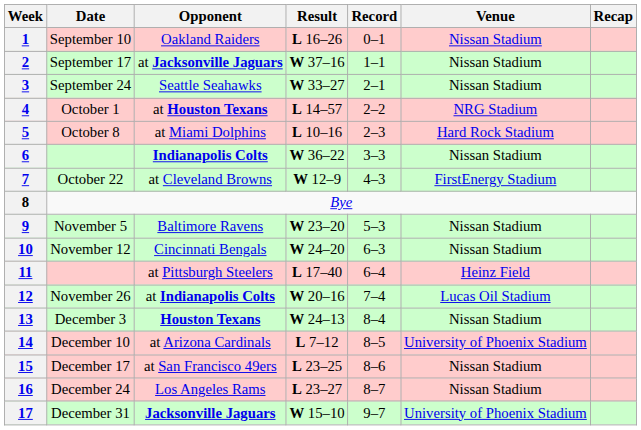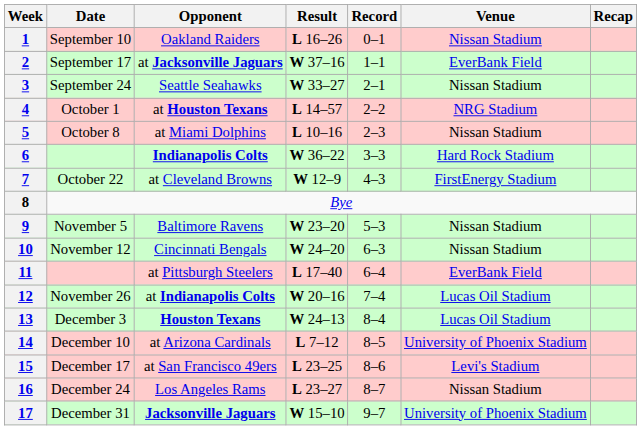 <table class="wikitable" style="text-align:center">
 <tr>
 <th>Week</th>
 <th>Date</th>
 <th>Opponent</th>
 <th>Result</th>
 <th>Record</th>
 <th>Venue</th>
 <th>Recap</th>
 </tr>
 <tr style="background:#fcc">
 <th><a href='#'>1</a></th>
 <td>September 10</td>
 <td><a href='#'>Oakland Raiders</a></td>
 <td><strong>L</strong> 16–26</td>
 <td>0–1</td>
 <td><a href='#'>Nissan Stadium</a></td>
 <td></td>
 </tr>
 <tr style="background:#cfc">
 <th><a href='#'>2</a></th>
 <td>September 17</td>
 <td>at <strong><a href='#'>Jacksonville Jaguars</a></strong></td>
 <td><strong>W</strong> 37–16</td>
 <td>1–1</td>
-<td>Nissan Stadium</td>
+<td><a href='#'>EverBank Field</a></td>
 <td></td>
 </tr>
 <tr style="background:#cfc">
 <th><a href='#'>3</a></th>
 <td>September 24</td>
 <td><a href='#'>Seattle Seahawks</a></td>
 <td><strong>W</strong> 33–27</td>
 <td>2–1</td>
 <td>Nissan Stadium</td>
 <td></td>
 </tr>
 <tr style="background:#fcc">
 <th><a href='#'>4</a></th>
 <td>October 1</td>
 <td>at <strong><a href='#'>Houston Texans</a></strong></td>
 <td><strong>L</strong> 14–57</td>
 <td>2–2</td>
 <td><a href='#'>NRG Stadium</a></td>
 <td></td>
 </tr>
 <tr style="background:#fcc">
 <th><a href='#'>5</a></th>
 <td>October 8</td>
 <td>at <a href='#'>Miami Dolphins</a></td>
 <td><strong>L</strong> 10–16</td>
 <td>2–3</td>
-<td><a href='#'>Hard Rock Stadium</a></td>
+<td>Nissan Stadium</td>
 <td></td>
 </tr>
 <tr style="background:#cfc">
 <th><a href='#'>6</a></th>
 <td></td>
 <td><strong><a href='#'>Indianapolis Colts</a></strong></td>
 <td><strong>W</strong> 36–22</td>
 <td>3–3</td>
-<td>Nissan Stadium</td>
+<td><a href='#'>Hard Rock Stadium</a></td>
 <td></td>
 </tr>
 <tr style="background:#cfc">
 <th><a href='#'>7</a></th>
 <td>October 22</td>
 <td>at <a href='#'>Cleveland Browns</a></td>
 <td><strong>W</strong> 12–9 </td>
 <td>4–3</td>
 <td><a href='#'>FirstEnergy Stadium</a></td>
 <td></td>
 </tr>
 <tr>
 <th>8</th>
 <td colspan="6"><em><a href='#'>Bye</a></em></td>
 </tr>
 <tr style="background:#cfc">
 <th><a href='#'>9</a></th>
 <td>November 5</td>
 <td><a href='#'>Baltimore Ravens</a></td>
 <td><strong>W</strong> 23–20</td>
 <td>5–3</td>
 <td>Nissan Stadium</td>
 <td></td>
 </tr>
 <tr style="background:#cfc">
 <th><a href='#'>10</a></th>
 <td>November 12</td>
 <td><a href='#'>Cincinnati Bengals</a></td>
 <td><strong>W</strong> 24–20</td>
 <td>6–3</td>
 <td>Nissan Stadium</td>
 <td></td>
 </tr>
 <tr style="background:#fcc">
 <th><a href='#'>11</a></th>
 <td></td>
 <td>at <a href='#'>Pittsburgh Steelers</a></td>
 <td><strong>L</strong> 17–40</td>
 <td>6–4</td>
-<td><a href='#'>Heinz Field</a></td>
+<td><a href='#'>EverBank Field</a></td>
 <td></td>
 </tr>
 <tr style="background:#cfc">
 <th><a href='#'>12</a></th>
 <td>November 26</td>
 <td>at <strong><a href='#'>Indianapolis Colts</a></strong></td>
 <td><strong>W</strong> 20–16</td>
 <td>7–4</td>
 <td><a href='#'>Lucas Oil Stadium</a></td>
 <td></td>
 </tr>
 <tr style="background:#cfc">
 <th><a href='#'>13</a></th>
 <td>December 3</td>
 <td><strong><a href='#'>Houston Texans</a></strong></td>
 <td><strong>W</strong> 24–13</td>
 <td>8–4</td>
-<td>Nissan Stadium</td>
+<td><a href='#'>Lucas Oil Stadium</a></td>
 <td></td>
 </tr>
 <tr style="background:#fcc">
 <th><a href='#'>14</a></th>
 <td>December 10</td>
 <td>at <a href='#'>Arizona Cardinals</a></td>
 <td><strong>L</strong> 7–12</td>
 <td>8–5</td>
 <td><a href='#'>University of Phoenix Stadium</a></td>
 <td></td>
 </tr>
 <tr style="background:#fcc">
 <th><a href='#'>15</a></th>
 <td>December 17</td>
 <td>at <a href='#'>San Francisco 49ers</a></td>
 <td><strong>L</strong> 23–25</td>
 <td>8–6</td>
-<td>Nissan Stadium</td>
+<td><a href='#'>Levi's Stadium</a></td>
 <td></td>
 </tr>
 <tr style="background:#fcc">
 <th><a href='#'>16</a></th>
 <td>December 24</td>
 <td><a href='#'>Los Angeles Rams</a></td>
 <td><strong>L</strong> 23–27</td>
 <td>8–7</td>
 <td>Nissan Stadium</td>
 <td></td>
 </tr>
 <tr style="background:#cfc">
 <th><a href='#'>17</a></th>
 <td>December 31</td>
 <td><strong><a href='#'>Jacksonville Jaguars</a></strong></td>
 <td><strong>W</strong> 15–10</td>
 <td>9–7</td>
 <td><a href='#'>University of Phoenix Stadium</a></td>
 <td></td>
 </tr>
 </table>
